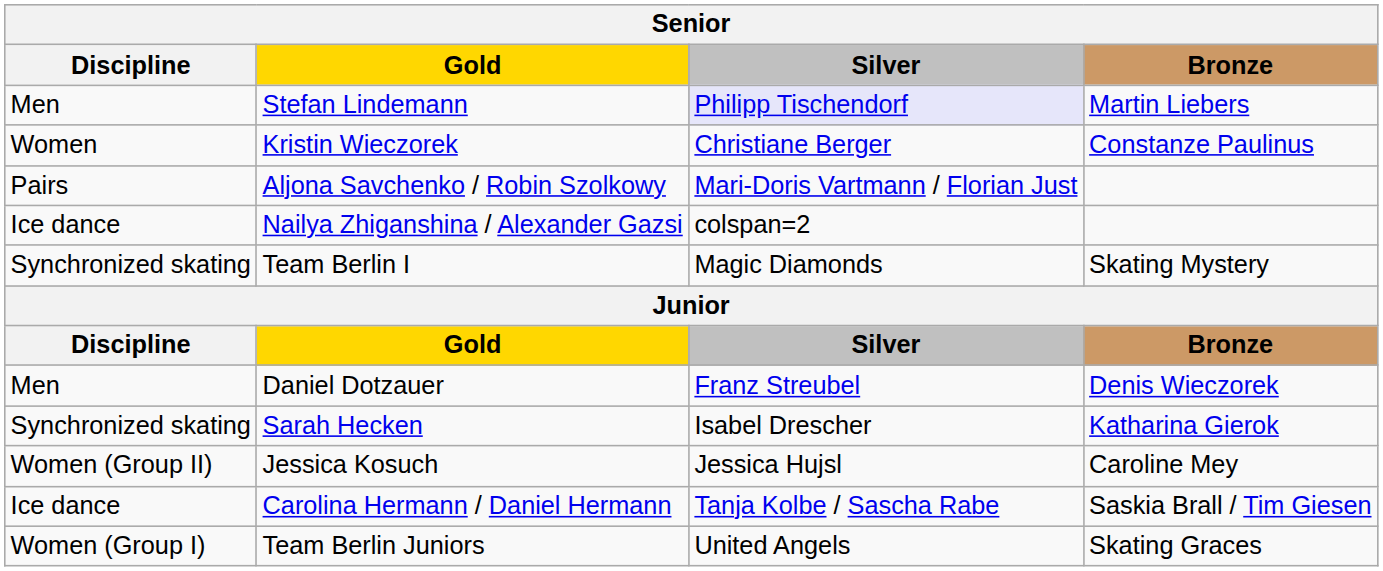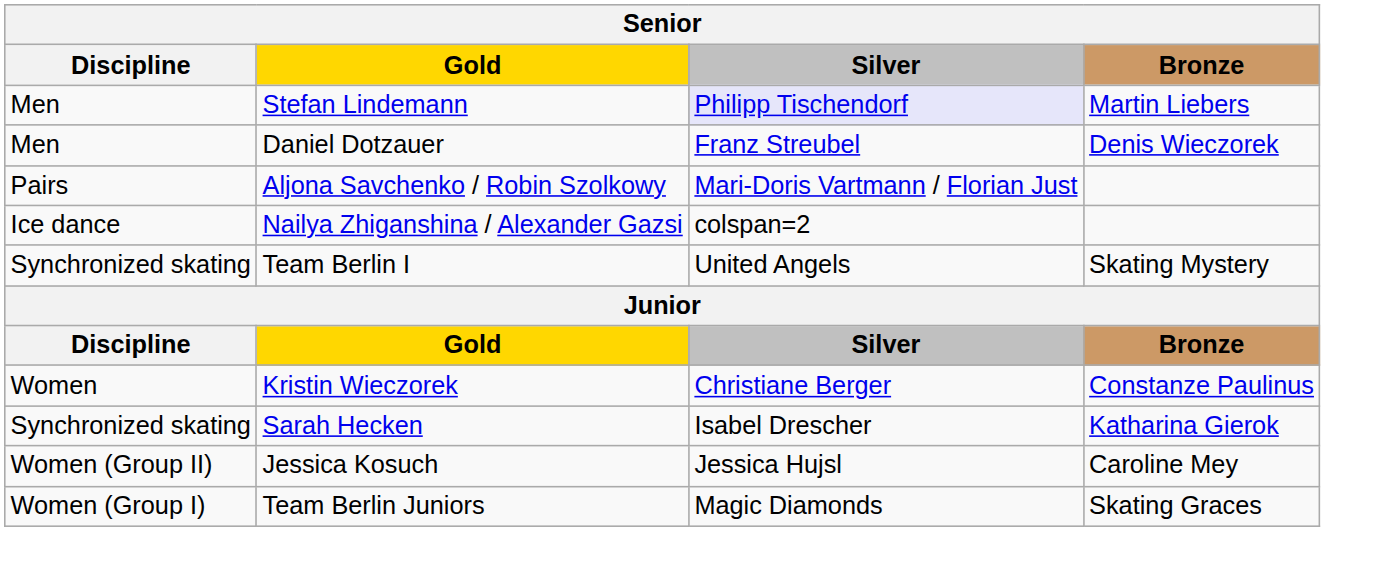 <table class="wikitable">
 <tr>
 <th colspan=4>Senior</th>
 </tr>
 <tr>
 <th>Discipline</th>
 <td align=center bgcolor=gold><strong>Gold</strong></td>
 <td align=center bgcolor=silver><strong>Silver</strong></td>
 <td align=center bgcolor=cc9966><strong>Bronze</strong></td>
 </tr>
 <tr>
 <td>Men</td>
 <td><a href='#'>Stefan Lindemann</a></td>
 <td style="background: lavender;"><a href='#'>Philipp Tischendorf</a></td>
 <td><a href='#'>Martin Liebers</a></td>
 </tr>
 <tr>
-<td>Women</td>
-<td><a href='#'>Kristin Wieczorek</a></td>
-<td><a href='#'>Christiane Berger</a></td>
-<td><a href='#'>Constanze Paulinus</a></td>
+<td>Men</td>
+<td>Daniel Dotzauer</td>
+<td><a href='#'>Franz Streubel</a></td>
+<td><a href='#'>Denis Wieczorek</a></td>
 </tr>
 <tr>
 <td>Pairs</td>
 <td><a href='#'>Aljona Savchenko</a> / <a href='#'>Robin Szolkowy</a></td>
 <td><a href='#'>Mari-Doris Vartmann</a> / <a href='#'>Florian Just</a></td>
 <td></td>
 </tr>
 <tr>
 <td>Ice dance</td>
 <td><a href='#'>Nailya Zhiganshina</a> / <a href='#'>Alexander Gazsi</a></td>
 <td>colspan=2 </td>
 </tr>
 <tr>
 <td>Synchronized skating</td>
 <td>Team Berlin I</td>
-<td>Magic Diamonds</td>
+<td>United Angels</td>
 <td>Skating Mystery</td>
 </tr>
 <tr>
 <th colspan="4">Junior</th>
 </tr>
 <tr>
 <th>Discipline</th>
 <td align=center bgcolor=gold><strong>Gold</strong></td>
 <td align=center bgcolor=silver><strong>Silver</strong></td>
 <td align=center bgcolor=cc9966><strong>Bronze</strong></td>
 </tr>
 <tr>
-<td>Men</td>
-<td>Daniel Dotzauer</td>
-<td><a href='#'>Franz Streubel</a></td>
-<td><a href='#'>Denis Wieczorek</a></td>
+<td>Women</td>
+<td><a href='#'>Kristin Wieczorek</a></td>
+<td><a href='#'>Christiane Berger</a></td>
+<td><a href='#'>Constanze Paulinus</a></td>
 </tr>
 <tr>
 <td>Synchronized skating</td>
 <td><a href='#'>Sarah Hecken</a></td>
 <td>Isabel Drescher</td>
 <td><a href='#'>Katharina Gierok</a></td>
 </tr>
 <tr>
 <td>Women (Group II)</td>
 <td>Jessica Kosuch</td>
 <td>Jessica Hujsl</td>
 <td>Caroline Mey</td>
 </tr>
 <tr>
-<td>Ice dance</td>
-<td><a href='#'>Carolina Hermann</a> / <a href='#'>Daniel Hermann</a></td>
-<td><a href='#'>Tanja Kolbe</a> / <a href='#'>Sascha Rabe</a></td>
-<td>Saskia Brall / <a href='#'>Tim Giesen</a></td>
-</tr>
-<tr>
 <td>Women (Group I)</td>
 <td>Team Berlin Juniors</td>
-<td>United Angels</td>
+<td>Magic Diamonds</td>
 <td>Skating Graces</td>
 </tr>
 </table>
